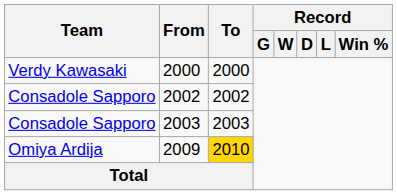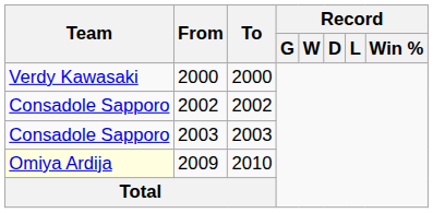 <table class="wikitable" style="text-align: center">
 <tr>
 <th rowspan="2">Team</th>
 <th rowspan="2">From</th>
 <th rowspan="2">To</th>
 <th colspan="5">Record</th>
 </tr>
 <tr>
 <th>G</th>
 <th>W</th>
 <th>D</th>
 <th>L</th>
 <th>Win %</th>
 </tr>
 <tr>
 <td align="left"><a href='#'>Verdy Kawasaki</a></td>
 <td align="left">2000</td>
 <td align="left">2000<br></td>
 </tr>
 <tr>
 <td align="left"><a href='#'>Consadole Sapporo</a></td>
 <td align="left">2002</td>
 <td align="left">2002<br></td>
 </tr>
 <tr>
 <td align="left"><a href='#'>Consadole Sapporo</a></td>
 <td align="left">2003</td>
 <td align="left">2003<br></td>
 </tr>
 <tr>
-<td align="left"><a href='#'>Omiya Ardija</a></td>
+<td align="left" style="background: lightyellow;"><a href='#'>Omiya Ardija</a></td>
 <td align="left">2009</td>
-<td align="left" style="background: gold;">2010<br></td>
+<td align="left">2010<br></td>
 </tr>
 <tr>
 <th colspan="3">Total<br></th>
 </tr>
 </table>
